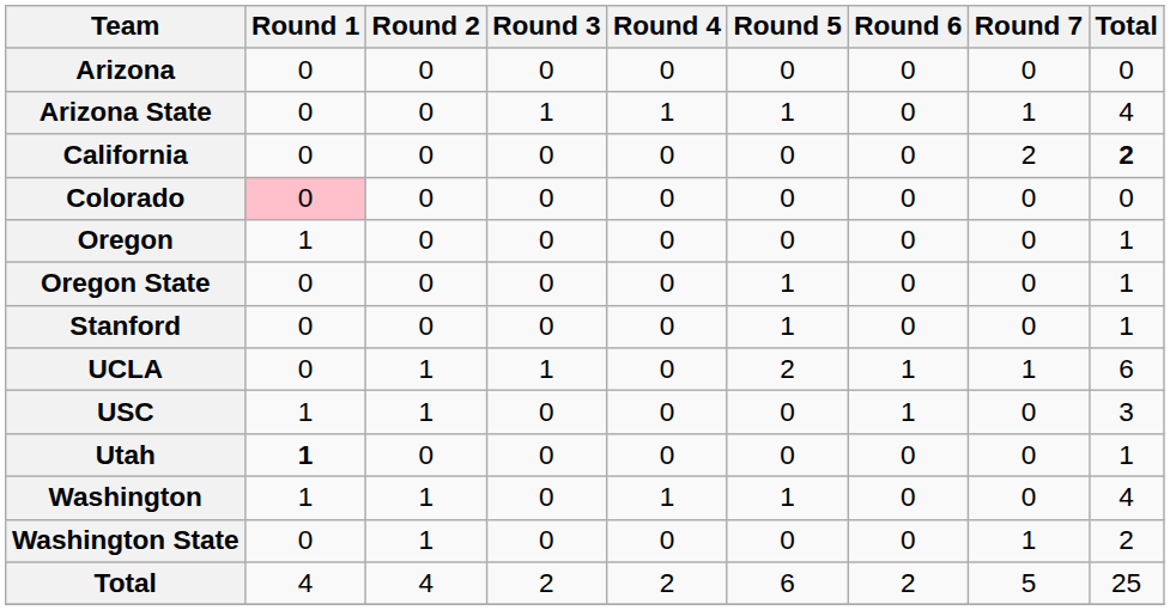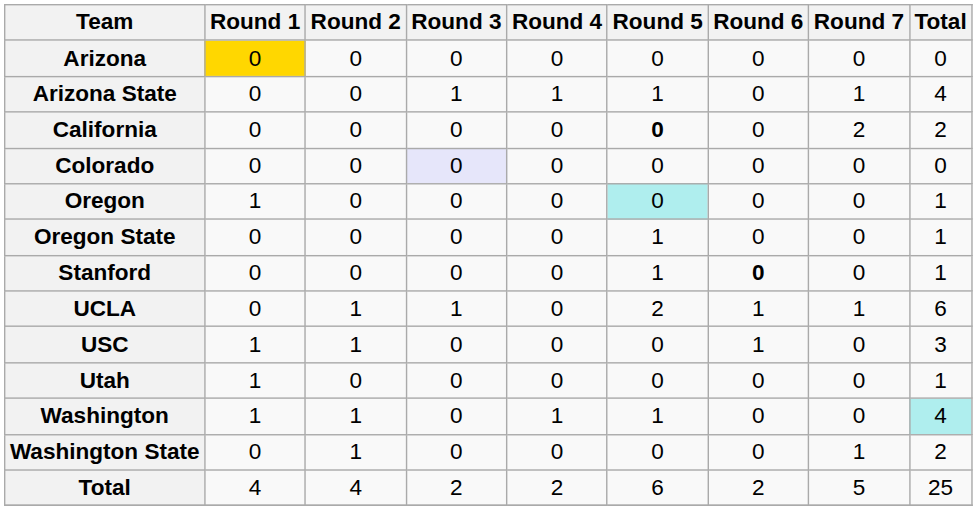 <table class="wikitable sortable" style="text-align: center;">
 <tr>
 <th>Team</th>
 <th>Round 1</th>
 <th>Round 2</th>
 <th>Round 3</th>
 <th>Round 4</th>
 <th>Round 5</th>
 <th>Round 6</th>
 <th>Round 7</th>
 <th>Total</th>
 </tr>
 <tr>
 <th style=>Arizona</th>
-<td>0</td>
+<td style="background: gold;">0</td>
 <td>0</td>
 <td>0</td>
 <td>0</td>
 <td>0</td>
 <td>0</td>
 <td>0</td>
 <td>0</td>
 </tr>
 <tr>
 <th style=>Arizona State</th>
 <td>0</td>
 <td>0</td>
 <td>1</td>
 <td>1</td>
 <td>1</td>
 <td>0</td>
 <td>1</td>
 <td>4</td>
 </tr>
 <tr>
 <th style=>California</th>
 <td>0</td>
 <td>0</td>
 <td>0</td>
 <td>0</td>
-<td>0</td>
+<td><strong>0</strong></td>
 <td>0</td>
 <td>2</td>
-<td><strong>2</strong></td>
+<td>2</td>
 </tr>
 <tr>
 <th style=>Colorado</th>
-<td style="background: pink;">0</td>
 <td>0</td>
 <td>0</td>
+<td style="background: lavender;">0</td>
 <td>0</td>
 <td>0</td>
 <td>0</td>
 <td>0</td>
 <td>0</td>
 </tr>
 <tr>
 <th style=>Oregon</th>
 <td>1</td>
 <td>0</td>
 <td>0</td>
 <td>0</td>
-<td>0</td>
+<td style="background: paleturquoise;">0</td>
 <td>0</td>
 <td>0</td>
 <td>1</td>
 </tr>
 <tr>
 <th style=>Oregon State</th>
 <td>0</td>
 <td>0</td>
 <td>0</td>
 <td>0</td>
 <td>1</td>
 <td>0</td>
 <td>0</td>
 <td>1</td>
 </tr>
 <tr>
 <th style=>Stanford</th>
 <td>0</td>
 <td>0</td>
 <td>0</td>
 <td>0</td>
 <td>1</td>
-<td>0</td>
+<td><strong>0</strong></td>
 <td>0</td>
 <td>1</td>
 </tr>
 <tr>
 <th style=>UCLA</th>
 <td>0</td>
 <td>1</td>
 <td>1</td>
 <td>0</td>
 <td>2</td>
 <td>1</td>
 <td>1</td>
 <td>6</td>
 </tr>
 <tr>
 <th style=>USC</th>
 <td>1</td>
 <td>1</td>
 <td>0</td>
 <td>0</td>
 <td>0</td>
 <td>1</td>
 <td>0</td>
 <td>3</td>
 </tr>
 <tr>
 <th style=>Utah</th>
-<td><strong>1</strong></td>
+<td>1</td>
 <td>0</td>
 <td>0</td>
 <td>0</td>
 <td>0</td>
 <td>0</td>
 <td>0</td>
 <td>1</td>
 </tr>
 <tr>
 <th style=>Washington</th>
 <td>1</td>
 <td>1</td>
 <td>0</td>
 <td>1</td>
 <td>1</td>
 <td>0</td>
 <td>0</td>
-<td>4</td>
+<td style="background: paleturquoise;">4</td>
 </tr>
 <tr>
 <th style=>Washington State</th>
 <td>0</td>
 <td>1</td>
 <td>0</td>
 <td>0</td>
 <td>0</td>
 <td>0</td>
 <td>1</td>
 <td>2</td>
 </tr>
 <tr>
 <th>Total</th>
 <td>4</td>
 <td>4</td>
 <td>2</td>
 <td>2</td>
 <td>6</td>
 <td>2</td>
 <td>5</td>
 <td>25</td>
 </tr>
 <tr>
 </tr>
 </table>
